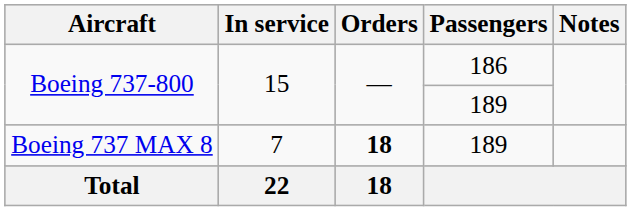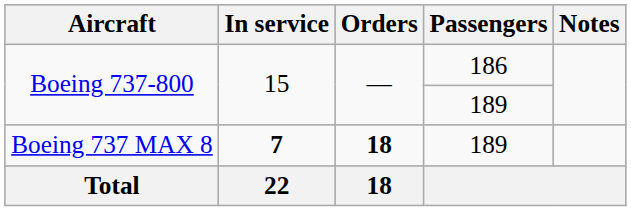 <table class="wikitable" style="margin:0.5em auto; text-align:center">
 <tr>
 <th>Aircraft</th>
 <th>In service</th>
 <th>Orders</th>
 <th>Passengers</th>
 <th>Notes</th>
 </tr>
 <tr>
 <td rowspan="2"><a href='#'>Boeing 737-800</a></td>
 <td rowspan="2">15</td>
 <td rowspan="2">—</td>
 <td>186</td>
 <td rowspan="2"></td>
 </tr>
 <tr>
 <td>189</td>
 </tr>
 <tr>
 <td><a href='#'>Boeing 737 MAX 8</a></td>
-<td>7</td>
+<td><strong>7</strong></td>
 <td><strong>18</strong></td>
 <td>189</td>
 <td></td>
 </tr>
 <tr>
 <th>Total</th>
 <th>22</th>
 <th>18</th>
 <th colspan="2"></th>
 </tr>
 </table>
